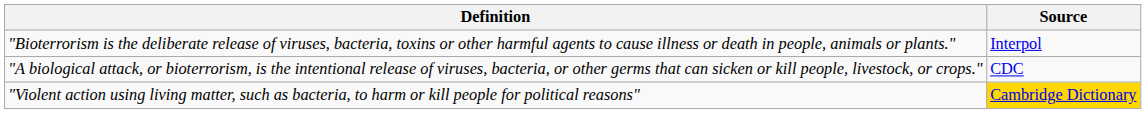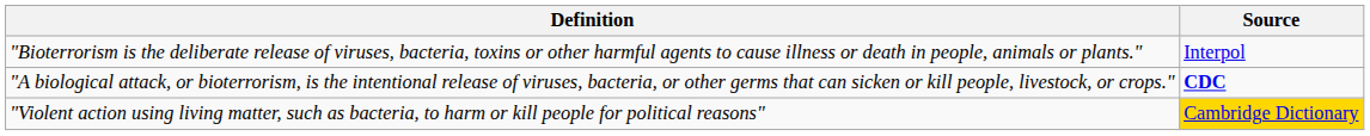 <table class="sortable wikitable">
 <tr>
 <th>Definition</th>
 <th>Source</th>
 </tr>
 <tr>
 <td><em>"Bioterrorism is the deliberate release of viruses, bacteria, toxins or other harmful agents to cause illness or death in people, animals or plants."</em></td>
 <td><a href='#'>Interpol</a></td>
 </tr>
 <tr>
 <td><em>"A biological attack, or bioterrorism, is the intentional release of viruses, bacteria, or other germs that can sicken or kill people, livestock, or crops."</em></td>
-<td><a href='#'>CDC</a></td>
+<td><strong><a href='#'>CDC</a></strong></td>
 </tr>
 <tr>
 <td><em>"Violent action using living matter, such as bacteria, to harm or kill people for political reasons"</em></td>
 <td style="background: gold;"><a href='#'>Cambridge Dictionary</a></td>
 </tr>
 </table>
